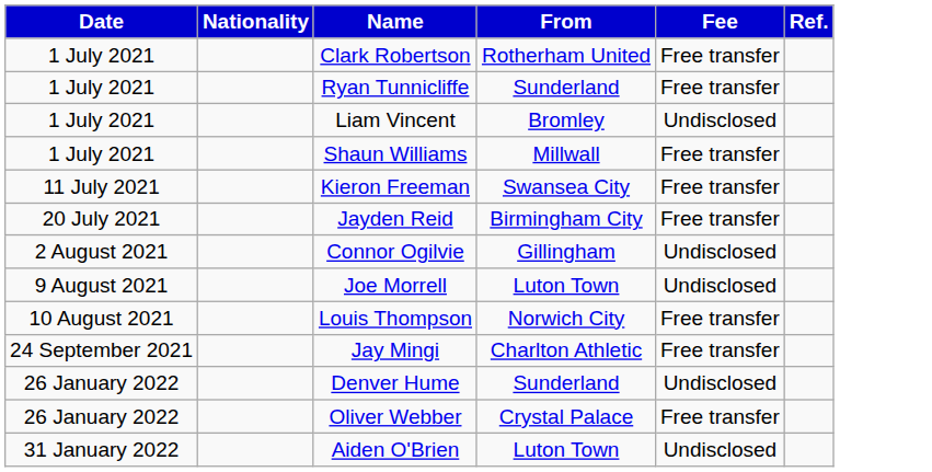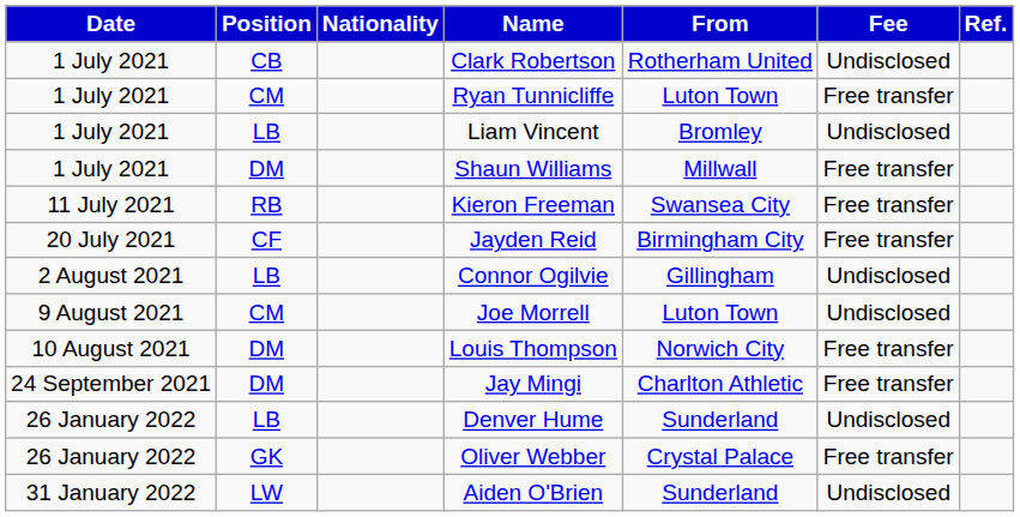 <table class="wikitable"  style="text-align:center; font-size:90%; ">
 <tr>
 <th style="background:mediumblue;color:white;">Date</th>
+<th style="background:mediumblue;color:white;">Position</th>
 <th style="background:mediumblue;color:white;">Nationality</th>
 <th style="background:mediumblue;color:white;">Name</th>
 <th style="background:mediumblue;color:white;">From</th>
 <th style="background:mediumblue;color:white;">Fee</th>
 <th style="background:mediumblue;color:white;">Ref.</th>
 </tr>
 <tr>
 <td>1 July 2021</td>
+<td><a href='#'>CB</a></td>
 <td></td>
 <td><a href='#'>Clark Robertson</a></td>
 <td> <a href='#'>Rotherham United</a></td>
+<td>Undisclosed</td>
+<td></td>
+</tr>
+<tr>
+<td>1 July 2021</td>
+<td><a href='#'>CM</a></td>
+<td></td>
+<td><a href='#'>Ryan Tunnicliffe</a></td>
+<td> <a href='#'>Luton Town</a></td>
 <td>Free transfer</td>
 <td></td>
 </tr>
 <tr>
 <td>1 July 2021</td>
-<td></td>
-<td><a href='#'>Ryan Tunnicliffe</a></td>
-<td> <a href='#'>Sunderland</a></td>
-<td>Free transfer</td>
-<td></td>
-</tr>
-<tr>
-<td>1 July 2021</td>
+<td><a href='#'>LB</a></td>
 <td></td>
 <td>Liam Vincent</td>
 <td> <a href='#'>Bromley</a></td>
 <td>Undisclosed</td>
 <td></td>
 </tr>
 <tr>
 <td>1 July 2021</td>
+<td><a href='#'>DM</a></td>
 <td></td>
 <td><a href='#'>Shaun Williams</a></td>
 <td> <a href='#'>Millwall</a></td>
 <td>Free transfer</td>
 <td></td>
 </tr>
 <tr>
 <td>11 July 2021</td>
+<td><a href='#'>RB</a></td>
 <td></td>
 <td><a href='#'>Kieron Freeman</a></td>
 <td> <a href='#'>Swansea City</a></td>
 <td>Free transfer</td>
 <td></td>
 </tr>
 <tr>
 <td>20 July 2021</td>
+<td><a href='#'>CF</a></td>
 <td></td>
 <td><a href='#'>Jayden Reid</a></td>
 <td> <a href='#'>Birmingham City</a></td>
 <td>Free transfer</td>
 <td></td>
 </tr>
 <tr>
 <td>2 August 2021</td>
+<td><a href='#'>LB</a></td>
 <td></td>
 <td><a href='#'>Connor Ogilvie</a></td>
 <td> <a href='#'>Gillingham</a></td>
 <td>Undisclosed</td>
 <td></td>
 </tr>
 <tr>
 <td>9 August 2021</td>
+<td><a href='#'>CM</a></td>
 <td></td>
 <td><a href='#'>Joe Morrell</a></td>
 <td> <a href='#'>Luton Town</a></td>
 <td>Undisclosed</td>
 <td></td>
 </tr>
 <tr>
 <td>10 August 2021</td>
+<td><a href='#'>DM</a></td>
 <td></td>
 <td><a href='#'>Louis Thompson</a></td>
 <td> <a href='#'>Norwich City</a></td>
 <td>Free transfer</td>
 <td></td>
 </tr>
 <tr>
 <td>24 September 2021</td>
+<td><a href='#'>DM</a></td>
 <td></td>
 <td><a href='#'>Jay Mingi</a></td>
 <td> <a href='#'>Charlton Athletic</a></td>
 <td>Free transfer</td>
 <td></td>
 </tr>
 <tr>
 <td>26 January 2022</td>
+<td><a href='#'>LB</a></td>
 <td></td>
 <td><a href='#'>Denver Hume</a></td>
 <td> <a href='#'>Sunderland</a></td>
 <td>Undisclosed</td>
 <td></td>
 </tr>
 <tr>
 <td>26 January 2022</td>
+<td><a href='#'>GK</a></td>
 <td></td>
 <td><a href='#'>Oliver Webber</a></td>
 <td> <a href='#'>Crystal Palace</a></td>
 <td>Free transfer</td>
 <td></td>
 </tr>
 <tr>
 <td>31 January 2022</td>
+<td><a href='#'>LW</a></td>
 <td></td>
 <td><a href='#'>Aiden O'Brien</a></td>
-<td> <a href='#'>Luton Town</a></td>
+<td> <a href='#'>Sunderland</a></td>
 <td>Undisclosed</td>
 <td></td>
 </tr>
 </table>
